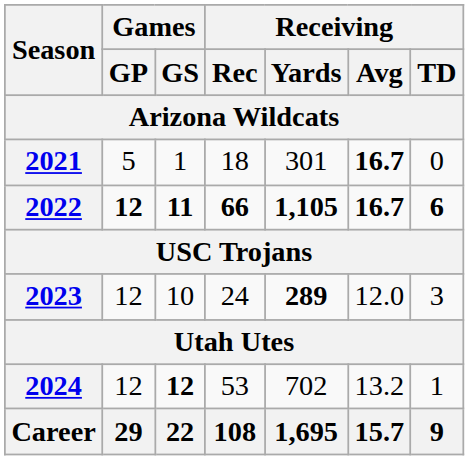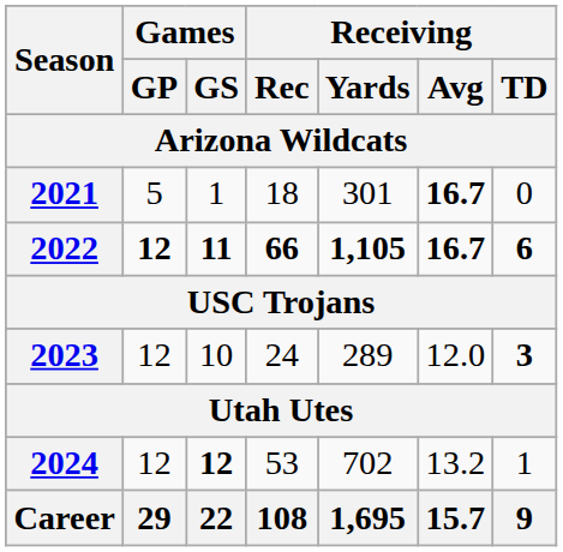 <table class="wikitable" style="text-align:center;">
 <tr>
 <th rowspan="2">Season</th>
 <th colspan="2">Games</th>
 <th colspan="4">Receiving</th>
 </tr>
 <tr>
 <th>GP</th>
 <th>GS</th>
 <th>Rec</th>
 <th>Yards</th>
 <th>Avg</th>
 <th>TD</th>
 </tr>
 <tr>
 <th colspan="8">Arizona Wildcats</th>
 </tr>
 <tr>
 <th><a href='#'>2021</a></th>
 <td>5</td>
 <td>1</td>
 <td>18</td>
 <td>301</td>
 <td><strong>16.7</strong></td>
 <td>0</td>
 </tr>
 <tr>
 <th><a href='#'>2022</a></th>
 <td><strong>12</strong></td>
 <td><strong>11</strong></td>
 <td><strong>66</strong></td>
 <td><strong>1,105</strong></td>
 <td><strong>16.7</strong></td>
 <td><strong>6</strong></td>
 </tr>
 <tr>
 <th colspan="8">USC Trojans</th>
 </tr>
 <tr>
 <th><a href='#'>2023</a></th>
 <td>12</td>
 <td>10</td>
 <td>24</td>
-<td><strong>289</strong></td>
+<td>289</td>
 <td>12.0</td>
-<td>3</td>
+<td><strong>3</strong></td>
 </tr>
 <tr>
 <th colspan="8">Utah Utes</th>
 </tr>
 <tr>
 <th><a href='#'>2024</a></th>
 <td>12</td>
 <td><strong>12</strong></td>
 <td>53</td>
 <td>702</td>
 <td>13.2</td>
 <td>1</td>
 </tr>
 <tr>
 <th>Career</th>
 <th>29</th>
 <th>22</th>
 <th>108</th>
 <th>1,695</th>
 <th>15.7</th>
 <th>9</th>
 </tr>
 </table>
